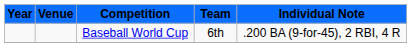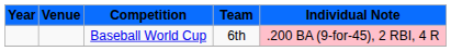 <table class="wikitable">
 <tr>
 <th style="background:#0A6EFF"><span>Year</span></th>
 <th style="background:#0A6EFF"><span>Venue</span></th>
 <th style="background:#0A6EFF"><span>Competition</span></th>
 <th style="background:#0A6EFF"><span> Team </span></th>
 <th style="background:#0A6EFF"><span> Individual Note </span></th>
 </tr>
 <tr>
 <td style="text-align:center">  </td>
 <td>  </td>
 <td> <a href='#'>Baseball World Cup</a> </td>
 <td style="text-align:center">6th</td>
-<td> .200 BA (9-for-45), 2 RBI, 4 R </td>
+<td style="background: pink;"> .200 BA (9-for-45), 2 RBI, 4 R </td>
 </tr>
 <tr>
 </tr>
 </table>
